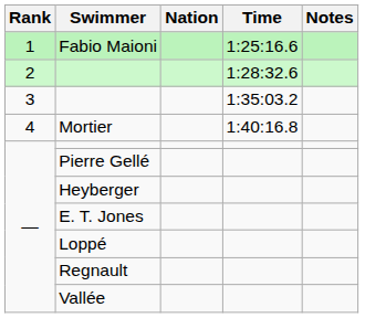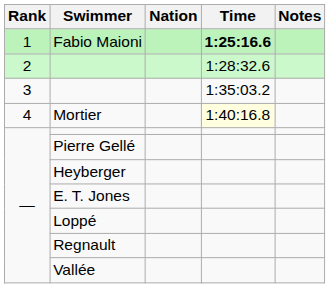 <table class="wikitable sortable" style="text-align:center">
 <tr>
 <th>Rank</th>
 <th>Swimmer</th>
 <th>Nation</th>
 <th>Time</th>
 <th>Notes</th>
 </tr>
 <tr style="background:#bbf3bb;">
 <td>1</td>
 <td align=left>Fabio Maioni</td>
 <td align=left></td>
-<td>1:25:16.6</td>
+<td><strong>1:25:16.6</strong></td>
 <td></td>
 </tr>
 <tr style="background:#ccf9cc;">
 <td>2</td>
 <td align=left></td>
 <td align=left></td>
 <td>1:28:32.6</td>
 <td></td>
 </tr>
 <tr>
 <td>3</td>
 <td align=left></td>
 <td align=left></td>
 <td>1:35:03.2</td>
 <td></td>
 </tr>
 <tr>
 <td>4</td>
 <td align=left>Mortier</td>
 <td align=left></td>
-<td>1:40:16.8</td>
+<td style="background: lightyellow;">1:40:16.8</td>
 <td></td>
 </tr>
 <tr>
 <td rowspan=7 data-sort-value=5>—</td>
 <td align=left></td>
 <td align=left></td>
 <td></td>
 <td></td>
 </tr>
 <tr>
 <td align=left>Pierre Gellé</td>
 <td align=left></td>
 <td></td>
 <td></td>
 </tr>
 <tr>
 <td align=left>Heyberger</td>
 <td align=left></td>
 <td></td>
 <td></td>
 </tr>
 <tr>
 <td align=left>E. T. Jones</td>
 <td align=left></td>
 <td></td>
 <td></td>
 </tr>
 <tr>
 <td align=left>Loppé</td>
 <td align=left></td>
 <td></td>
 <td></td>
 </tr>
 <tr>
 <td align=left>Regnault</td>
 <td align=left></td>
 <td></td>
 <td></td>
 </tr>
 <tr>
 <td align=left>Vallée</td>
 <td align=left></td>
 <td></td>
 <td></td>
 </tr>
 </table>
